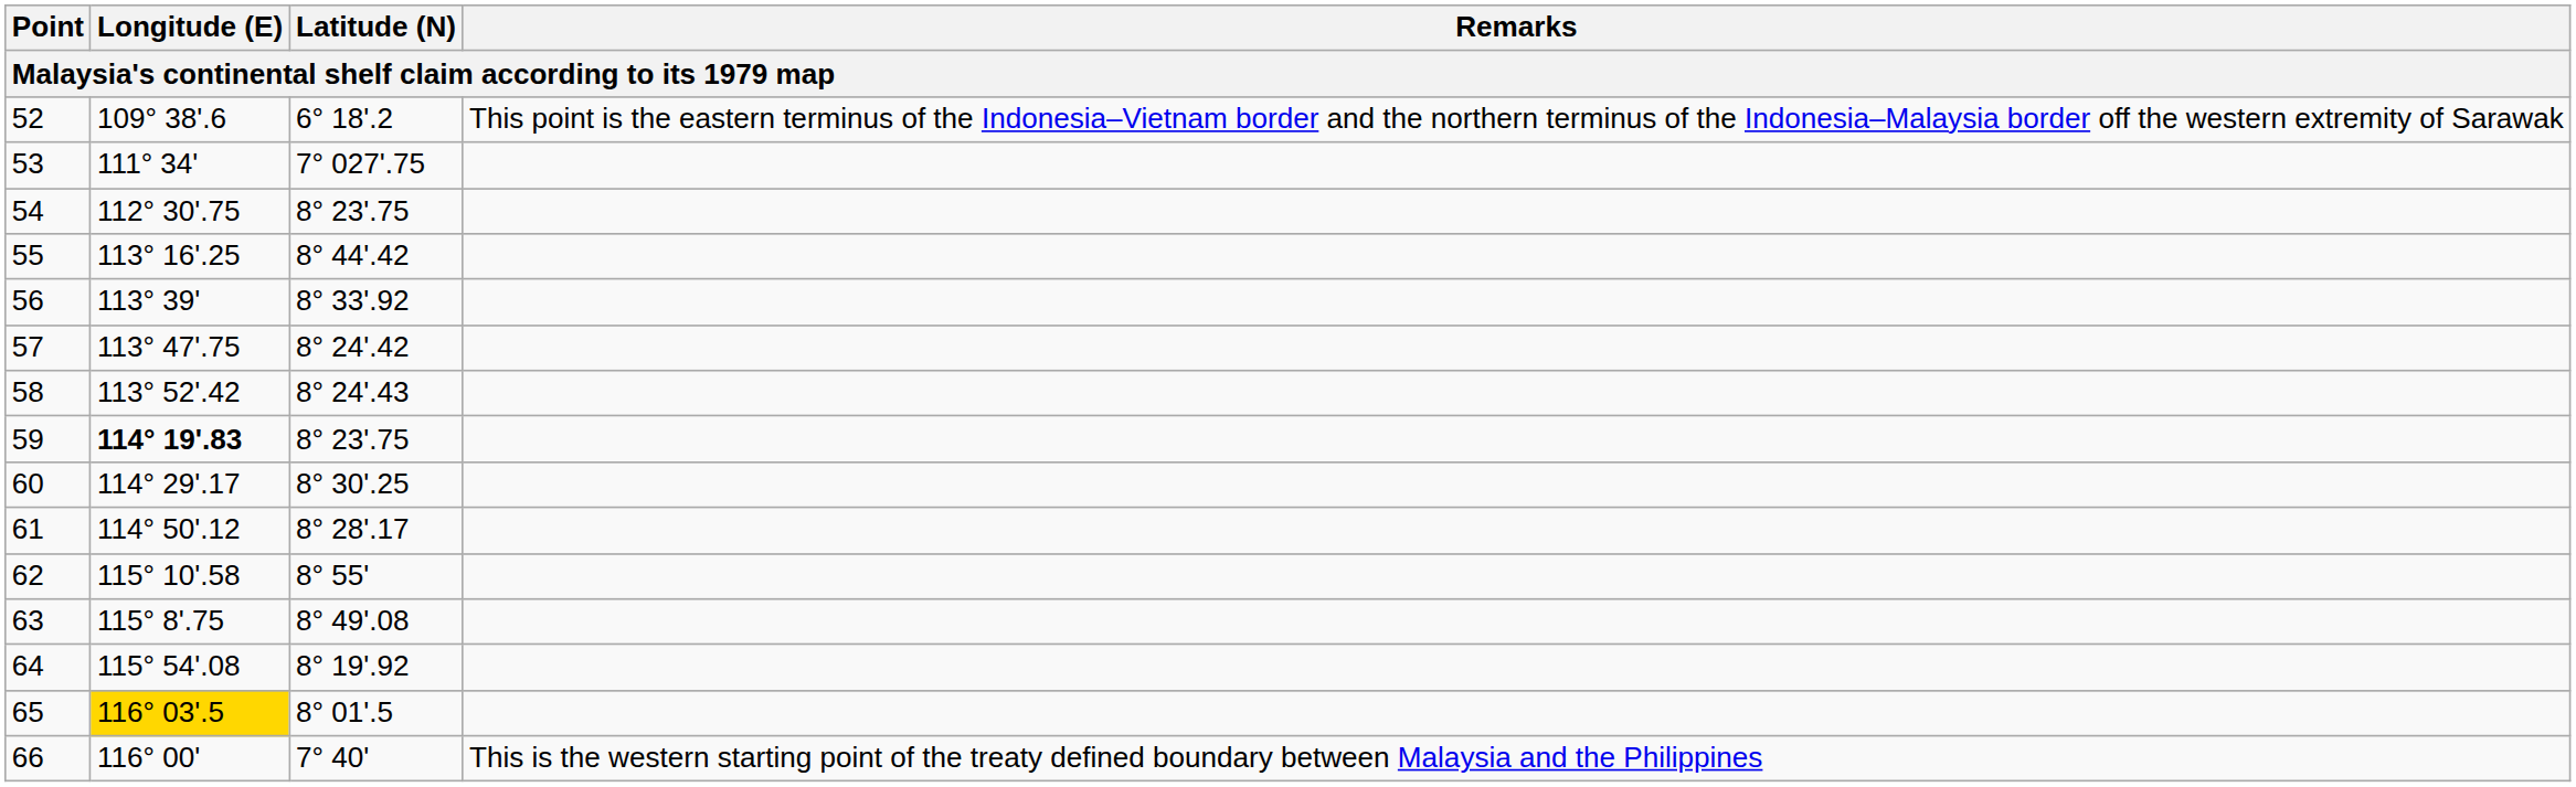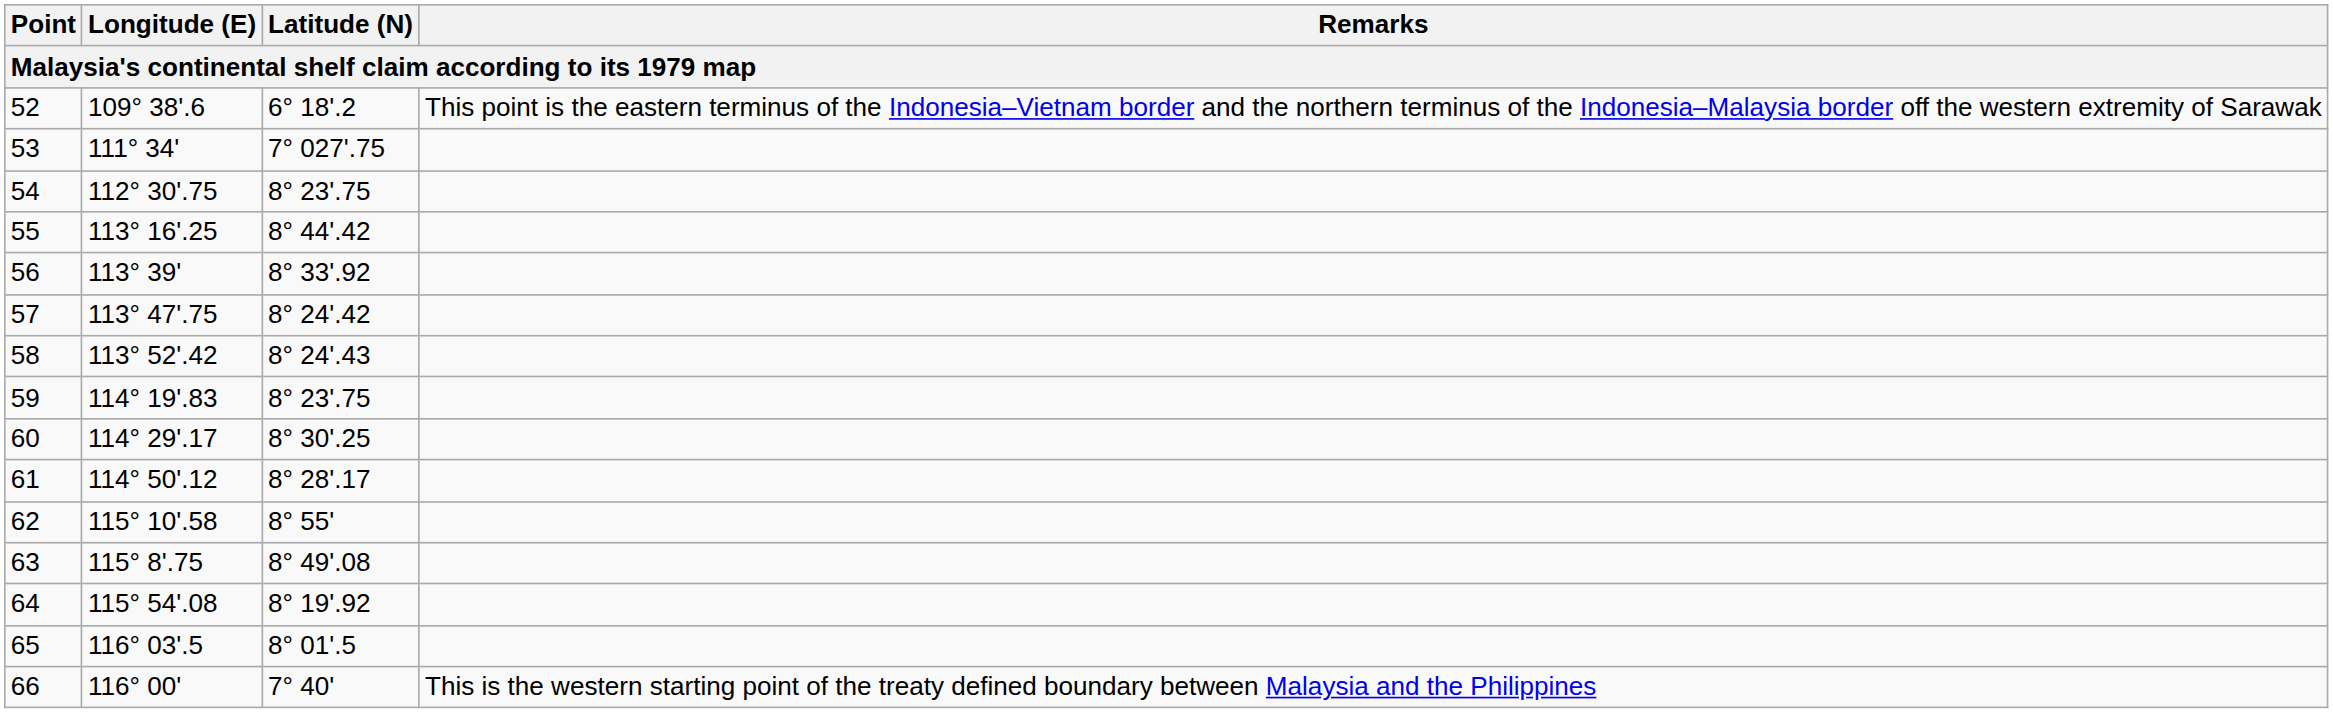 <table class="wikitable">
 <tr>
 <th>Point</th>
 <th>Longitude (E)</th>
 <th>Latitude (N)</th>
 <th>Remarks</th>
 </tr>
 <tr>
 <th colspan="5" style="text-align:left">Malaysia's continental shelf claim according to its 1979 map</th>
 </tr>
 <tr>
 <td>52</td>
 <td>109° 38'.6</td>
 <td>6° 18'.2</td>
 <td>This point is the eastern terminus of the <a href='#'>Indonesia–Vietnam border</a> and the northern terminus of the <a href='#'>Indonesia–Malaysia border</a> off the western extremity of Sarawak</td>
 </tr>
 <tr>
 <td>53</td>
 <td>111° 34'</td>
 <td>7° 027'.75</td>
 <td></td>
 </tr>
 <tr>
 <td>54</td>
 <td>112° 30'.75</td>
 <td>8° 23'.75</td>
 <td></td>
 </tr>
 <tr>
 <td>55</td>
 <td>113° 16'.25</td>
 <td>8° 44'.42</td>
 <td></td>
 </tr>
 <tr>
 <td>56</td>
 <td>113° 39'</td>
 <td>8° 33'.92</td>
 <td></td>
 </tr>
 <tr>
 <td>57</td>
 <td>113° 47'.75</td>
 <td>8° 24'.42</td>
 <td></td>
 </tr>
 <tr>
 <td>58</td>
 <td>113° 52'.42</td>
 <td>8° 24'.43</td>
 <td></td>
 </tr>
 <tr>
 <td>59</td>
-<td><strong>114° 19'.83</strong></td>
+<td>114° 19'.83</td>
 <td>8° 23'.75</td>
 <td></td>
 </tr>
 <tr>
 <td>60</td>
 <td>114° 29'.17</td>
 <td>8° 30'.25</td>
 <td></td>
 </tr>
 <tr>
 <td>61</td>
 <td>114° 50'.12</td>
 <td>8° 28'.17</td>
 <td></td>
 </tr>
 <tr>
 <td>62</td>
 <td>115° 10'.58</td>
 <td>8° 55'</td>
 <td></td>
 </tr>
 <tr>
 <td>63</td>
 <td>115° 8'.75</td>
 <td>8° 49'.08</td>
 <td></td>
 </tr>
 <tr>
 <td>64</td>
 <td>115° 54'.08</td>
 <td>8° 19'.92</td>
 <td></td>
 </tr>
 <tr>
 <td>65</td>
-<td style="background: gold;">116° 03'.5</td>
+<td>116° 03'.5</td>
 <td>8° 01'.5</td>
 <td></td>
 </tr>
 <tr>
 <td>66</td>
 <td>116° 00'</td>
 <td>7° 40'</td>
 <td>This is the western starting point of the treaty defined boundary between <a href='#'>Malaysia and the Philippines</a></td>
 </tr>
 </table>
